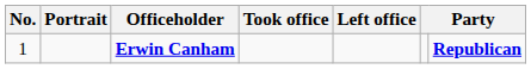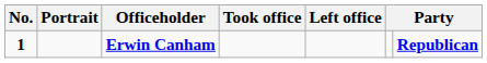 <table class="wikitable" style="text-align: center;">
 <tr>
 <th>No.</th>
 <th>Portrait</th>
 <th>Officeholder<br></th>
 <th>Took office</th>
 <th>Left office</th>
 <th colspan=2>Party</th>
 </tr>
 <tr>
-<td>1</td>
+<td><strong>1</strong></td>
 <td></td>
 <td><strong><a href='#'>Erwin Canham</a></strong><br></td>
 <td></td>
 <td></td>
 <td bgcolor=></td>
 <td><strong><a href='#'>Republican</a></strong></td>
 </tr>
 </table>
